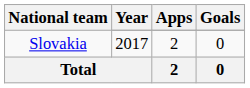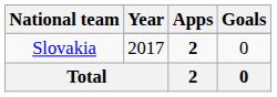 <table class="wikitable" style="text-align:center">
 <tr>
 <th>National team</th>
 <th>Year</th>
 <th>Apps</th>
 <th>Goals</th>
 </tr>
 <tr>
 <td rowspan=2><a href='#'>Slovakia</a></td>
 </tr>
 <tr>
 <td>2017</td>
-<td>2</td>
+<td><strong>2</strong></td>
 <td>0</td>
 </tr>
 <tr>
 <th colspan="2">Total</th>
 <th>2</th>
 <th>0</th>
 </tr>
 </table>
